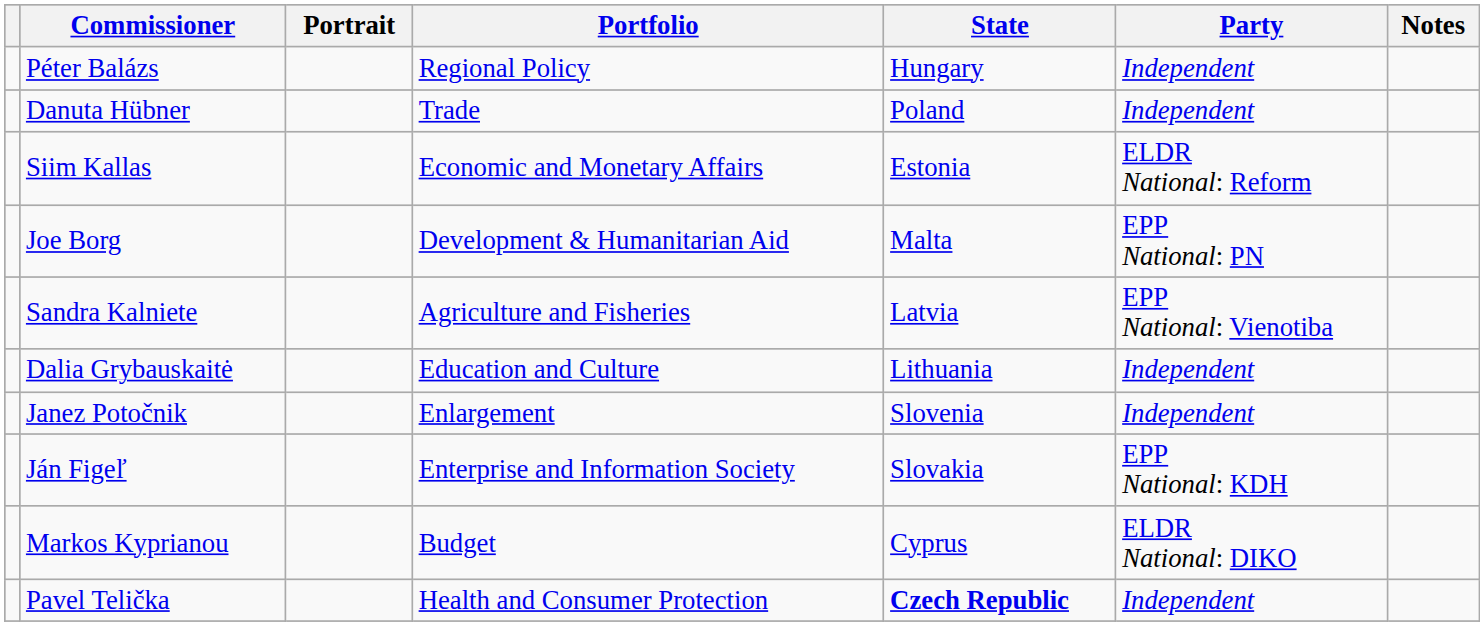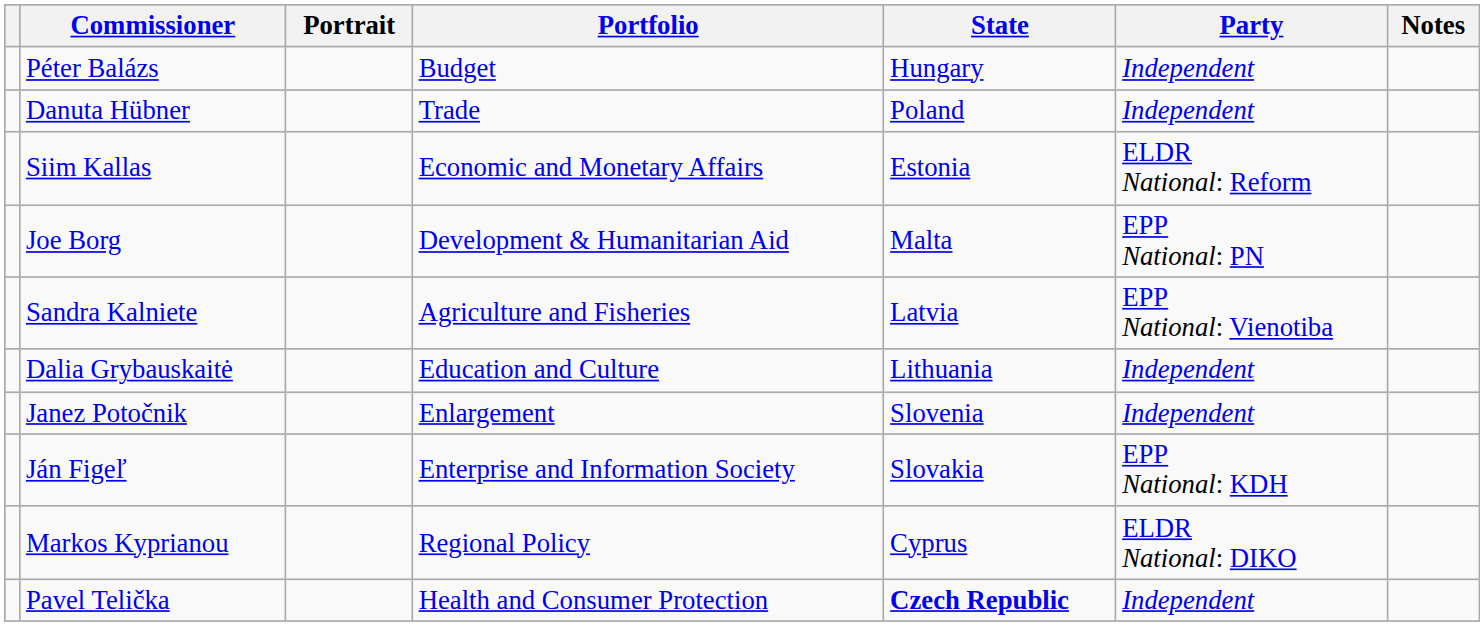 <table class="wikitable sortable" width=100% style="border-collapse:collapse; border:#555">
 <tr>
 <th class="unsortable"></th>
 <th><a href='#'>Commissioner</a></th>
 <th class="unsortable">Portrait</th>
 <th><a href='#'>Portfolio</a></th>
 <th><a href='#'>State</a></th>
 <th><a href='#'>Party</a></th>
 <th>Notes</th>
 </tr>
 <tr>
 <td style="background-color: "></td>
 <td><a href='#'>Péter Balázs</a></td>
 <td></td>
-<td><a href='#'>Regional Policy</a></td>
+<td><a href='#'>Budget</a></td>
 <td> <a href='#'>Hungary</a></td>
 <td><em><a href='#'>Independent</a></em></td>
 <td></td>
 </tr>
 <tr>
 <td style="background-color: "></td>
 <td><a href='#'>Danuta Hübner</a></td>
 <td></td>
 <td><a href='#'>Trade</a></td>
 <td> <a href='#'>Poland</a></td>
 <td><em><a href='#'>Independent</a></em></td>
 <td></td>
 </tr>
 <tr>
 <td style="background-color: "></td>
 <td><a href='#'>Siim Kallas</a></td>
 <td></td>
 <td><a href='#'>Economic and Monetary Affairs</a></td>
 <td> <a href='#'>Estonia</a></td>
 <td><a href='#'>ELDR</a><br><em>National</em>: <a href='#'>Reform</a></td>
 <td></td>
 </tr>
 <tr>
 <td style="background-color: "></td>
 <td><a href='#'>Joe Borg</a></td>
 <td></td>
 <td><a href='#'>Development & Humanitarian Aid</a></td>
 <td> <a href='#'>Malta</a></td>
 <td><a href='#'>EPP</a><br><em>National</em>: <a href='#'>PN</a></td>
 <td></td>
 </tr>
 <tr>
 <td style="background-color: "></td>
 <td><a href='#'>Sandra Kalniete</a></td>
 <td></td>
 <td><a href='#'>Agriculture and Fisheries</a></td>
 <td> <a href='#'>Latvia</a></td>
 <td><a href='#'>EPP</a><br><em>National</em>: <a href='#'>Vienotiba</a></td>
 <td></td>
 </tr>
 <tr>
 <td style="background-color: "></td>
 <td><a href='#'>Dalia Grybauskaitė</a></td>
 <td></td>
 <td><a href='#'>Education and Culture</a></td>
 <td> <a href='#'>Lithuania</a></td>
 <td><em><a href='#'>Independent</a></em></td>
 <td></td>
 </tr>
 <tr>
 <td style="background-color: "></td>
 <td><a href='#'>Janez Potočnik</a></td>
 <td></td>
 <td><a href='#'>Enlargement</a></td>
 <td> <a href='#'>Slovenia</a></td>
 <td><em><a href='#'>Independent</a></em></td>
 <td></td>
 </tr>
 <tr>
 <td style="background-color: "></td>
 <td><a href='#'>Ján Figeľ</a></td>
 <td></td>
 <td><a href='#'>Enterprise and Information Society</a></td>
 <td> <a href='#'>Slovakia</a></td>
 <td><a href='#'>EPP</a><br><em>National</em>: <a href='#'>KDH</a></td>
 <td></td>
 </tr>
 <tr>
 <td style="background-color: "></td>
 <td><a href='#'>Markos Kyprianou</a></td>
 <td></td>
-<td><a href='#'>Budget</a></td>
+<td><a href='#'>Regional Policy</a></td>
 <td> <a href='#'>Cyprus</a></td>
 <td><a href='#'>ELDR</a><br><em>National</em>: <a href='#'>DIKO</a></td>
 <td></td>
 </tr>
 <tr>
 <td style="background-color: "></td>
 <td><a href='#'>Pavel Telička</a></td>
 <td></td>
 <td><a href='#'>Health and Consumer Protection</a></td>
 <td><strong> <a href='#'>Czech Republic</a></strong></td>
 <td><em><a href='#'>Independent</a></em></td>
 <td></td>
 </tr>
 </table>
